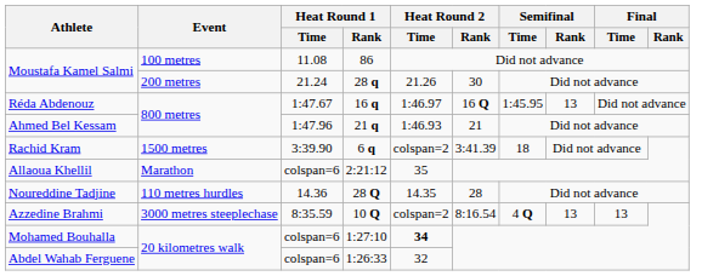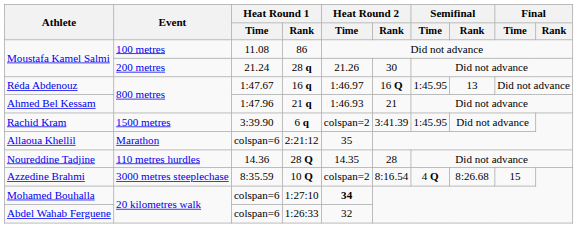 <table class=wikitable style="font-size:90%; text-align:center">
 <tr>
 <th rowspan=2>Athlete</th>
 <th rowspan=2>Event</th>
 <th colspan=2>Heat Round 1</th>
 <th colspan=2>Heat Round 2</th>
 <th colspan=2>Semifinal</th>
 <th colspan=2>Final</th>
 </tr>
 <tr style=font-size:95%>
 <th>Time</th>
 <th>Rank</th>
 <th>Time</th>
 <th>Rank</th>
 <th>Time</th>
 <th>Rank</th>
 <th>Time</th>
 <th>Rank</th>
 </tr>
 <tr align=center>
 <td align=left rowspan=2><a href='#'>Moustafa Kamel Salmi</a></td>
 <td align=left><a href='#'>100 metres</a></td>
 <td>11.08</td>
 <td>86</td>
 <td colspan=6>Did not advance</td>
 </tr>
 <tr align=center>
 <td align=left><a href='#'>200 metres</a></td>
 <td>21.24</td>
 <td>28 <strong>q</strong></td>
 <td>21.26</td>
 <td>30</td>
 <td colspan=4>Did not advance</td>
 </tr>
 <tr align=center>
 <td align=left><a href='#'>Réda Abdenouz</a></td>
 <td align=left rowspan=2><a href='#'>800 metres</a></td>
 <td>1:47.67</td>
 <td>16 <strong>q</strong></td>
 <td>1:46.97</td>
 <td>16 <strong>Q</strong></td>
 <td>1:45.95</td>
 <td>13</td>
 <td colspan=2>Did not advance</td>
 </tr>
 <tr align=center>
 <td align=left><a href='#'>Ahmed Bel Kessam</a></td>
 <td>1:47.96</td>
 <td>21 <strong>q</strong></td>
 <td>1:46.93</td>
 <td>21</td>
 <td colspan=4>Did not advance</td>
 </tr>
 <tr align=center>
 <td align=left><a href='#'>Rachid Kram</a></td>
 <td align=left><a href='#'>1500 metres</a></td>
 <td>3:39.90</td>
 <td>6 <strong>q</strong></td>
 <td>colspan=2</td>
 <td>3:41.39</td>
-<td>18</td>
+<td>1:45.95</td>
 <td colspan=2>Did not advance</td>
 </tr>
 <tr align=center>
 <td align=left><a href='#'>Allaoua Khellil</a></td>
 <td align=left><a href='#'>Marathon</a></td>
 <td>colspan=6</td>
 <td>2:21:12</td>
 <td>35</td>
 </tr>
 <tr align=center>
 <td align=left><a href='#'>Noureddine Tadjine</a></td>
 <td align=left><a href='#'>110 metres hurdles</a></td>
 <td>14.36</td>
 <td>28 <strong>Q</strong></td>
 <td>14.35</td>
 <td>28</td>
 <td colspan=4>Did not advance</td>
 </tr>
 <tr align=center>
 <td align=left><a href='#'>Azzedine Brahmi</a></td>
 <td align=left><a href='#'>3000 metres steeplechase</a></td>
 <td>8:35.59</td>
 <td>10 <strong>Q</strong></td>
 <td>colspan=2</td>
 <td>8:16.54</td>
 <td>4 <strong>Q</strong></td>
-<td>13</td>
-<td>13</td>
+<td>8:26.68</td>
+<td>15</td>
 </tr>
 <tr align=center>
 <td align=left><a href='#'>Mohamed Bouhalla</a></td>
 <td align=left rowspan=2><a href='#'>20 kilometres walk</a></td>
 <td>colspan=6</td>
 <td>1:27:10</td>
 <td><strong>34</strong></td>
 </tr>
 <tr align=center>
 <td align=left><a href='#'>Abdel Wahab Ferguene</a></td>
 <td>colspan=6</td>
 <td>1:26:33</td>
 <td>32</td>
 </tr>
 </table>
